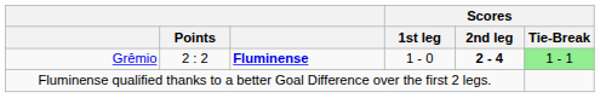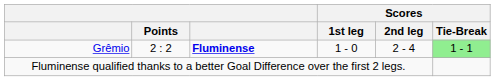 <table class="wikitable" style="text-align:center;">
 <tr>
 <th colspan=3></th>
 <th colspan=3>Scores</th>
 </tr>
 <tr>
 <th width="175"></th>
 <th width="75">Points</th>
 <th width="175"></th>
 <th width="75">1st leg</th>
 <th width="75">2nd leg</th>
 <th width="75">Tie-Break</th>
 </tr>
 <tr>
 <td align=right><a href='#'>Grêmio</a></td>
 <td>2 : 2</td>
 <td align=left><strong><a href='#'>Fluminense</a></strong></td>
 <td>1 - 0</td>
-<td><strong>2 - 4</strong></td>
+<td>2 - 4</td>
 <td style="background: lightgreen;">1 - 1</td>
 </tr>
 <tr>
 <td colspan=5>Fluminense qualified thanks to a better Goal Difference over the first 2 legs.</td>
 </tr>
 </table>
